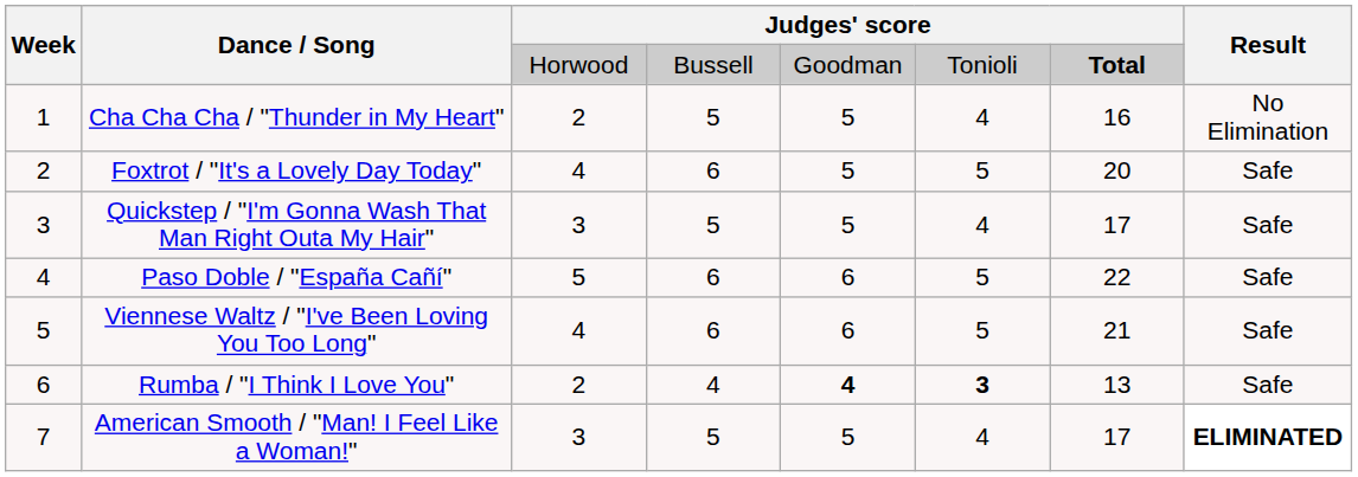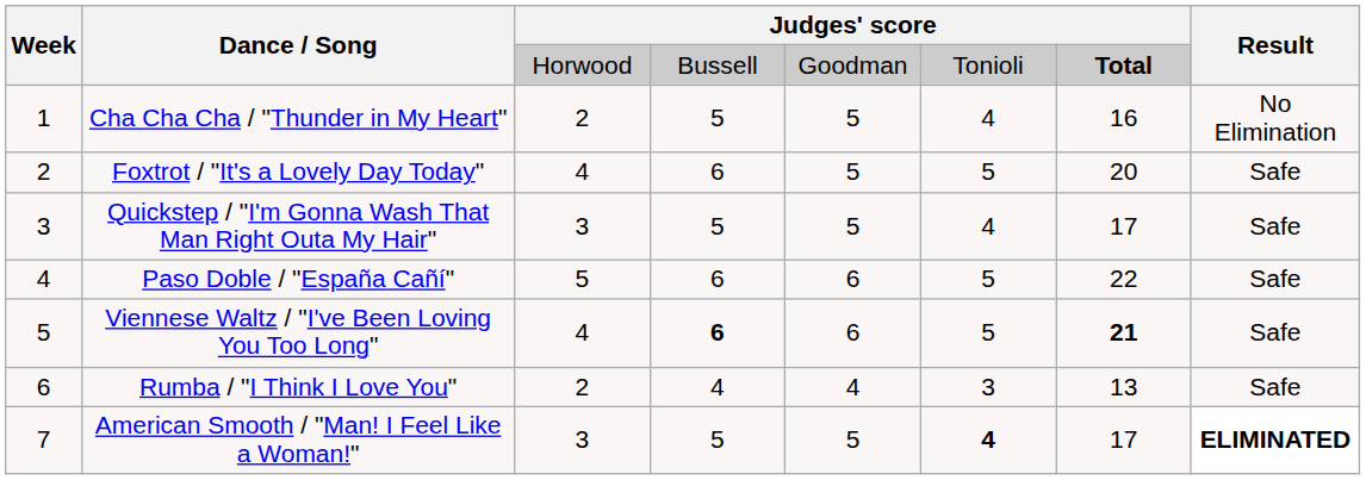 <table class="wikitable collapsible collapsed">
 <tr style="text-align:Center; background:#ccc;">
 <th rowspan="2">Week</th>
 <th rowspan="2">Dance / Song</th>
 <th colspan="5">Judges' score</th>
 <th rowspan="2">Result</th>
 </tr>
 <tr style="text-align:center; background:#ccc;">
 <td style="width:10%; ">Horwood</td>
 <td style="width:10%; ">Bussell</td>
 <td style="width:10%; ">Goodman</td>
 <td style="width:10%; ">Tonioli</td>
 <td style="width:10%; "><strong>Total</strong></td>
 </tr>
 <tr style="text-align: center; background:#faf6f6;">
 <td>1</td>
 <td><a href='#'>Cha Cha Cha</a> / "<a href='#'>Thunder in My Heart</a>"</td>
 <td>2</td>
 <td>5</td>
 <td>5</td>
 <td>4</td>
 <td><span>16</span></td>
 <td>No Elimination</td>
 </tr>
 <tr style="text-align: center; background:#faf6f6;">
 <td>2</td>
 <td><a href='#'>Foxtrot</a> / "<a href='#'>It's a Lovely Day Today</a>"</td>
 <td>4</td>
 <td>6</td>
 <td>5</td>
 <td>5</td>
 <td>20</td>
 <td>Safe</td>
 </tr>
 <tr style="text-align: center; background:#faf6f6;">
 <td>3</td>
 <td><a href='#'>Quickstep</a> / "<a href='#'>I'm Gonna Wash That Man Right Outa My Hair</a>"</td>
 <td>3</td>
 <td>5</td>
 <td>5</td>
 <td>4</td>
 <td><span>17</span></td>
 <td>Safe</td>
 </tr>
 <tr style="text-align: center; background:#faf6f6;">
 <td>4</td>
 <td><a href='#'>Paso Doble</a> / "<a href='#'>España Cañí</a>"</td>
 <td>5</td>
 <td>6</td>
 <td>6</td>
 <td>5</td>
 <td>22</td>
 <td>Safe</td>
 </tr>
 <tr style="text-align: center; background:#faf6f6;">
 <td>5</td>
 <td><a href='#'>Viennese Waltz</a> / "<a href='#'>I've Been Loving You Too Long</a>"</td>
 <td>4</td>
-<td>6</td>
+<td><strong>6</strong></td>
 <td>6</td>
 <td>5</td>
-<td>21</td>
+<td><strong>21</strong></td>
 <td>Safe</td>
 </tr>
 <tr style="text-align: center; background:#faf6f6;">
 <td>6</td>
 <td><a href='#'>Rumba</a> / "<a href='#'>I Think I Love You</a>"</td>
 <td>2</td>
 <td>4</td>
-<td><strong>4</strong></td>
-<td><strong>3</strong></td>
+<td>4</td>
+<td>3</td>
 <td><span>13</span></td>
 <td>Safe</td>
 </tr>
 <tr style="text-align: center; background:#faf6f6;">
 <td>7</td>
 <td><a href='#'>American Smooth</a> / "<a href='#'>Man! I Feel Like a Woman!</a>"</td>
 <td>3</td>
 <td>5</td>
 <td>5</td>
-<td>4</td>
+<td><strong>4</strong></td>
 <td><span>17</span></td>
 <td style="background:white;"><strong>ELIMINATED</strong></td>
 </tr>
 </table>
